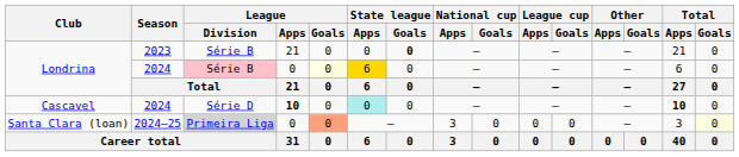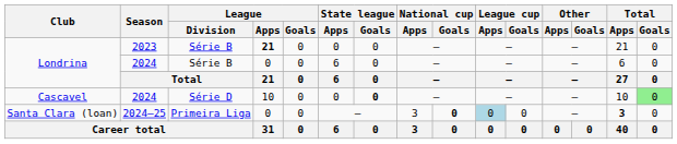 <table class="wikitable" style="text-align:center">
 <tr>
 <th rowspan="2">Club</th>
 <th rowspan="2">Season</th>
 <th colspan="3">League</th>
 <th colspan="2">State league</th>
 <th colspan="2">National cup</th>
 <th colspan="2">League cup</th>
 <th colspan="2">Other</th>
 <th colspan="2">Total</th>
 </tr>
 <tr>
 <th>Division</th>
 <th>Apps</th>
 <th>Goals</th>
 <th>Apps</th>
 <th>Goals</th>
 <th>Apps</th>
 <th>Goals</th>
 <th>Apps</th>
 <th>Goals</th>
 <th>Apps</th>
 <th>Goals</th>
 <th>Apps</th>
 <th>Goals</th>
 </tr>
 <tr>
 <td rowspan="3"><a href='#'>Londrina</a></td>
 <td><a href='#'>2023</a></td>
 <td><a href='#'>Série B</a></td>
-<td>21</td>
+<td><strong>21</strong></td>
 <td>0</td>
 <td>0</td>
-<td><strong>0</strong></td>
+<td>0</td>
 <td colspan="2">—</td>
 <td colspan="2">—</td>
 <td colspan="2">—</td>
 <td>21</td>
 <td>0</td>
 </tr>
 <tr>
 <td><a href='#'>2024</a></td>
-<td style="background: pink;">Série B</td>
+<td>Série B</td>
 <td>0</td>
-<td style="background: lightyellow;">0</td>
-<td style="background: gold;">6</td>
+<td>0</td>
+<td>6</td>
 <td>0</td>
 <td colspan="2">—</td>
 <td colspan="2">—</td>
 <td colspan="2">—</td>
 <td>6</td>
 <td>0</td>
 </tr>
 <tr>
 <th colspan="2">Total</th>
 <th>21</th>
 <th>0</th>
 <th>6</th>
 <th>0</th>
 <th colspan="2">—</th>
 <th colspan="2">—</th>
 <th colspan="2">—</th>
 <th>27</th>
 <th>0</th>
 </tr>
 <tr>
 <td><a href='#'>Cascavel</a></td>
 <td><a href='#'>2024</a></td>
 <td><a href='#'>Série D</a></td>
-<td><strong>10</strong></td>
+<td>10</td>
 <td>0</td>
-<td style="background: paleturquoise;">0</td>
 <td>0</td>
+<td><strong>0</strong></td>
 <td colspan="2">—</td>
 <td colspan="2">—</td>
 <td colspan="2">—</td>
-<td><strong>10</strong></td>
-<td>0</td>
+<td>10</td>
+<td style="background: lightgreen;">0</td>
 </tr>
 <tr>
 <td><a href='#'>Santa Clara</a> (loan)</td>
 <td><a href='#'>2024–25</a></td>
-<td style="background: lightgrey;"><a href='#'>Primeira Liga</a></td>
-<td>0</td>
-<td style="background: lightsalmon;">0</td>
-<td colspan="2">—</td>
-<td>3</td>
-<td>0</td>
+<td><a href='#'>Primeira Liga</a></td>
 <td>0</td>
 <td>0</td>
 <td colspan="2">—</td>
 <td>3</td>
-<td style="background: lightyellow;">0</td>
+<td><strong>0</strong></td>
+<td style="background: lightblue;">0</td>
+<td>0</td>
+<td colspan="2">—</td>
+<td><strong>3</strong></td>
+<td>0</td>
 </tr>
 <tr>
 <th colspan="3">Career total</th>
 <th>31</th>
 <th>0</th>
 <th>6</th>
 <th>0</th>
 <th>3</th>
 <th>0</th>
 <th>0</th>
 <th>0</th>
 <th>0</th>
 <th>0</th>
 <th>40</th>
 <th>0</th>
 </tr>
 </table>
